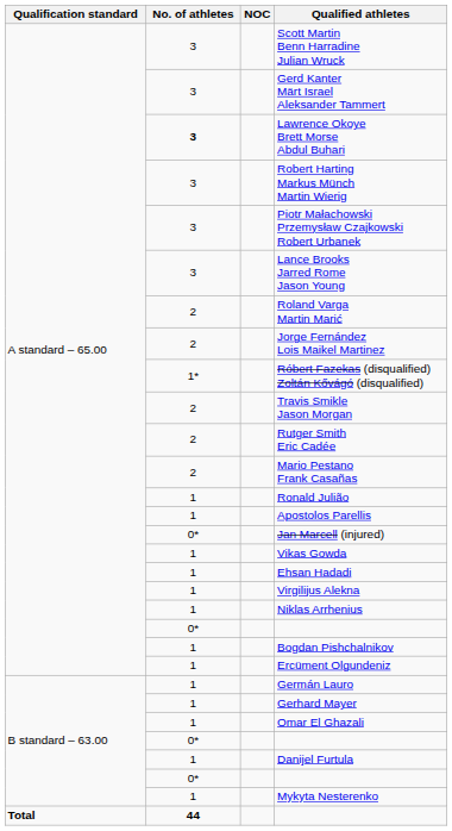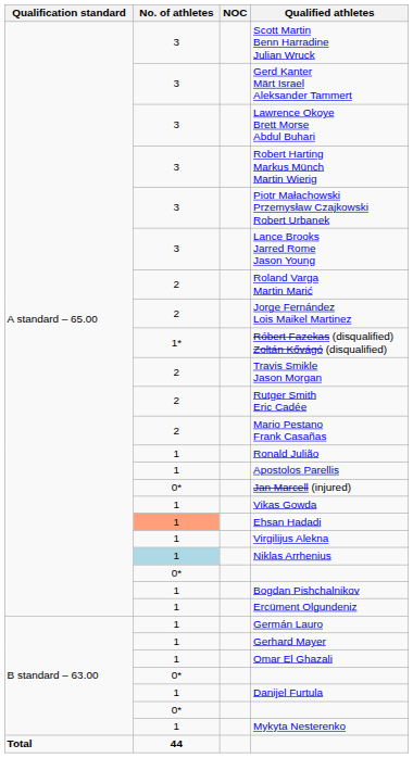 <table class="wikitable"  style="text-align:left; width:600px;">
 <tr>
 <th>Qualification standard</th>
 <th>No. of athletes</th>
 <th>NOC</th>
 <th>Qualified athletes</th>
 </tr>
 <tr>
 <td rowspan="22">A standard – 65.00</td>
 <td align=center>3</td>
 <td></td>
 <td><a href='#'>Scott Martin</a><br><a href='#'>Benn Harradine</a><br><a href='#'>Julian Wruck</a></td>
 </tr>
 <tr>
 <td align=center>3</td>
 <td></td>
 <td><a href='#'>Gerd Kanter</a><br><a href='#'>Märt Israel</a><br><a href='#'>Aleksander Tammert</a></td>
 </tr>
 <tr>
-<td align=center><strong>3</strong></td>
+<td align=center>3</td>
 <td></td>
 <td><a href='#'>Lawrence Okoye</a><br><a href='#'>Brett Morse</a><br><a href='#'>Abdul Buhari</a></td>
 </tr>
 <tr>
 <td align=center>3</td>
 <td></td>
 <td><a href='#'>Robert Harting</a><br><a href='#'>Markus Münch</a><br><a href='#'>Martin Wierig</a></td>
 </tr>
 <tr>
 <td align=center>3</td>
 <td></td>
 <td><a href='#'>Piotr Małachowski</a><br><a href='#'>Przemysław Czajkowski</a><br><a href='#'>Robert Urbanek</a></td>
 </tr>
 <tr>
 <td align=center>3</td>
 <td></td>
 <td><a href='#'>Lance Brooks</a><br><a href='#'>Jarred Rome</a><br><a href='#'>Jason Young</a></td>
 </tr>
 <tr>
 <td align=center>2</td>
 <td></td>
 <td><a href='#'>Roland Varga</a><br><a href='#'>Martin Marić</a></td>
 </tr>
 <tr>
 <td align=center>2</td>
 <td></td>
 <td><a href='#'>Jorge Fernández</a><br><a href='#'>Lois Maikel Martinez</a></td>
 </tr>
 <tr>
 <td align=center>1*</td>
 <td></td>
 <td><s><a href='#'>Róbert Fazekas</a></s> (disqualified)<br><s><a href='#'>Zoltán Kővágó</a></s> (disqualified)</td>
 </tr>
 <tr>
 <td align=center>2</td>
 <td></td>
 <td><a href='#'>Travis Smikle</a><br><a href='#'>Jason Morgan</a></td>
 </tr>
 <tr>
 <td align=center>2</td>
 <td></td>
 <td><a href='#'>Rutger Smith</a><br><a href='#'>Eric Cadée</a></td>
 </tr>
 <tr>
 <td align=center>2</td>
 <td></td>
 <td><a href='#'>Mario Pestano</a><br><a href='#'>Frank Casañas</a></td>
 </tr>
 <tr>
 <td align=center>1</td>
 <td> </td>
 <td><a href='#'>Ronald Julião</a></td>
 </tr>
 <tr>
 <td align=center>1</td>
 <td></td>
 <td><a href='#'>Apostolos Parellis</a></td>
 </tr>
 <tr>
 <td align=center>0*</td>
 <td> </td>
 <td><s><a href='#'>Jan Marcell</a></s> (injured)</td>
 </tr>
 <tr>
 <td align=center>1</td>
 <td></td>
 <td><a href='#'>Vikas Gowda</a></td>
 </tr>
 <tr>
-<td align=center>1</td>
+<td align=center style="background: lightsalmon;">1</td>
 <td></td>
 <td><a href='#'>Ehsan Hadadi</a></td>
 </tr>
 <tr>
 <td align=center>1</td>
 <td></td>
 <td><a href='#'>Virgilijus Alekna</a></td>
 </tr>
 <tr>
-<td align=center>1</td>
+<td align=center style="background: lightblue;">1</td>
 <td></td>
 <td><a href='#'>Niklas Arrhenius</a></td>
 </tr>
 <tr>
 <td align=center>0*</td>
 <td><s></s></td>
 <td></td>
 </tr>
 <tr>
 <td align=center>1</td>
 <td></td>
 <td><a href='#'>Bogdan Pishchalnikov</a></td>
 </tr>
 <tr>
 <td align=center>1</td>
 <td></td>
 <td><a href='#'>Ercüment Olgundeniz</a></td>
 </tr>
 <tr>
 <td rowspan="7">B standard – 63.00</td>
 <td align=center>1</td>
 <td></td>
 <td><a href='#'>Germán Lauro</a></td>
 </tr>
 <tr>
 <td align=center>1</td>
 <td></td>
 <td><a href='#'>Gerhard Mayer</a></td>
 </tr>
 <tr>
 <td align=center>1</td>
 <td></td>
 <td><a href='#'>Omar El Ghazali</a></td>
 </tr>
 <tr>
 <td align=center>0*</td>
 <td><s></s></td>
 <td></td>
 </tr>
 <tr>
 <td align=center>1</td>
 <td></td>
 <td><a href='#'>Danijel Furtula</a></td>
 </tr>
 <tr>
 <td align=center>0*</td>
 <td><s></s></td>
 <td></td>
 </tr>
 <tr>
 <td align=center>1</td>
 <td></td>
 <td><a href='#'>Mykyta Nesterenko</a></td>
 </tr>
 <tr>
 <td><strong>Total</strong></td>
 <td align=center><strong>44</strong></td>
 <td></td>
 <td></td>
 </tr>
 </table>
